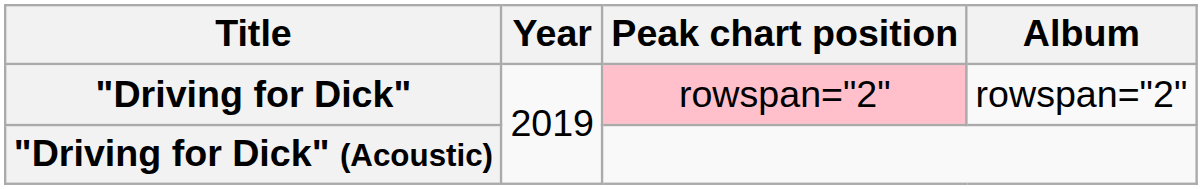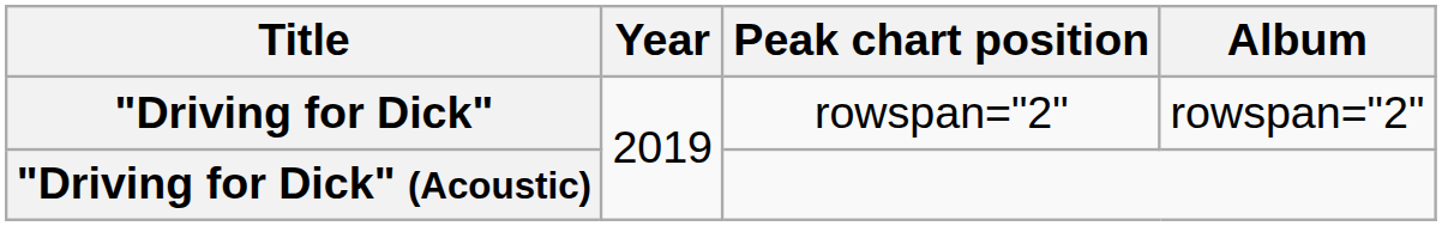 <table class="wikitable plainrowheaders" style="text-align:center;">
 <tr>
 <th scope="col">Title</th>
 <th scope="col">Year</th>
 <th scope="col">Peak chart position</th>
 <th scope="col">Album</th>
 </tr>
 <tr>
 <th scope="row">"Driving for Dick"</th>
 <td rowspan="2">2019</td>
-<td style="background: pink;">rowspan="2" </td>
+<td>rowspan="2" </td>
 <td>rowspan="2" </td>
 </tr>
 <tr>
 <th scope="row">"Driving for Dick" <small>(Acoustic)</small></th>
 </tr>
 </table>
